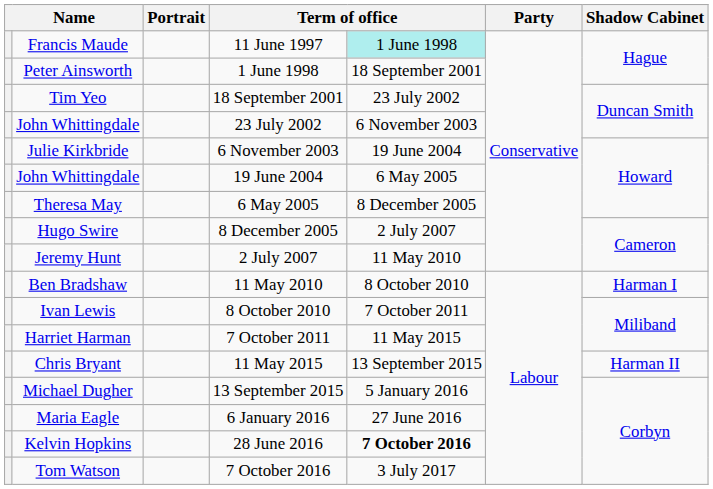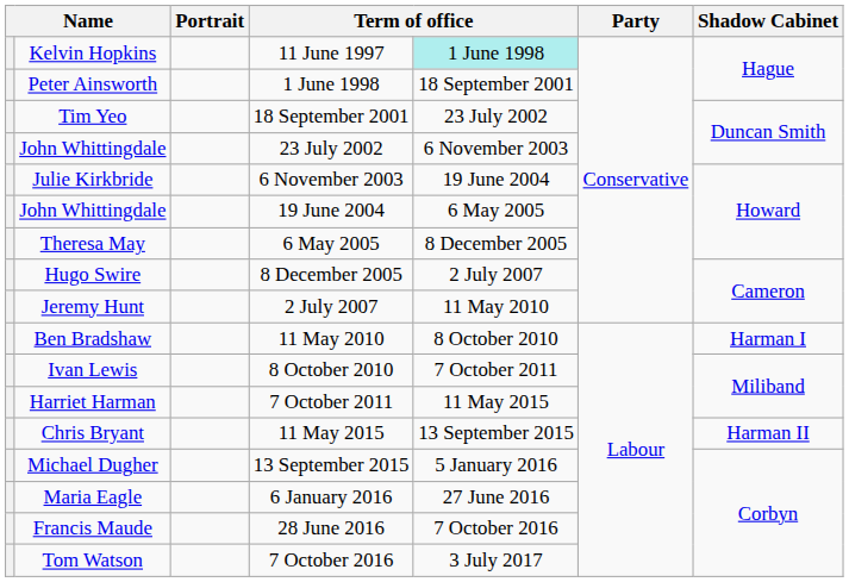 <table class="wikitable" style="text-align:center">
 <tr>
 <th colspan=2>Name</th>
 <th>Portrait</th>
 <th colspan="2">Term of office</th>
 <th>Party</th>
 <th>Shadow Cabinet</th>
 </tr>
 <tr>
 <th style="background-color: "></th>
-<td><a href='#'>Francis Maude</a></td>
+<td><a href='#'>Kelvin Hopkins</a></td>
 <td></td>
 <td>11 June 1997</td>
 <td style="background: paleturquoise;">1 June 1998</td>
 <td rowspan="9"><a href='#'>Conservative</a></td>
 <td rowspan="2"><a href='#'>Hague</a></td>
 </tr>
 <tr>
 <th style="background-color: "></th>
 <td><a href='#'>Peter Ainsworth</a></td>
 <td></td>
 <td>1 June 1998</td>
 <td>18 September 2001</td>
 </tr>
 <tr>
 <th style="background-color: "></th>
 <td><a href='#'>Tim Yeo</a></td>
 <td></td>
 <td>18 September 2001</td>
 <td>23 July 2002</td>
 <td rowspan="2"><a href='#'>Duncan Smith</a></td>
 </tr>
 <tr>
 <th style="background-color: "></th>
 <td><a href='#'>John Whittingdale</a></td>
 <td></td>
 <td>23 July 2002</td>
 <td>6 November 2003</td>
 </tr>
 <tr>
 <th style="background-color: "></th>
 <td><a href='#'>Julie Kirkbride</a></td>
 <td></td>
 <td>6 November 2003</td>
 <td>19 June 2004</td>
 <td rowspan="3"><a href='#'>Howard</a></td>
 </tr>
 <tr>
 <th style="background-color: "></th>
 <td><a href='#'>John Whittingdale</a></td>
 <td></td>
 <td>19 June 2004</td>
 <td>6 May 2005</td>
 </tr>
 <tr>
 <th style="background-color: "></th>
 <td><a href='#'>Theresa May</a></td>
 <td></td>
 <td>6 May 2005</td>
 <td>8 December 2005</td>
 </tr>
 <tr>
 <th style="background-color: "></th>
 <td><a href='#'>Hugo Swire</a></td>
 <td></td>
 <td>8 December 2005</td>
 <td>2 July 2007</td>
 <td rowspan="2"><a href='#'>Cameron</a></td>
 </tr>
 <tr>
 <th style="background-color: "></th>
 <td><a href='#'>Jeremy Hunt</a></td>
 <td></td>
 <td>2 July 2007</td>
 <td>11 May 2010</td>
 </tr>
 <tr>
 <th style="background-color: "></th>
 <td><a href='#'>Ben Bradshaw</a></td>
 <td></td>
 <td>11 May 2010</td>
 <td>8 October 2010</td>
 <td rowspan="8"><a href='#'>Labour</a></td>
 <td><a href='#'>Harman I</a></td>
 </tr>
 <tr>
 <th style="background-color: "></th>
 <td><a href='#'>Ivan Lewis</a></td>
 <td></td>
 <td>8 October 2010</td>
 <td>7 October 2011</td>
 <td rowspan="2"><a href='#'>Miliband</a></td>
 </tr>
 <tr>
 <th style="background-color: "></th>
 <td><a href='#'>Harriet Harman</a></td>
 <td></td>
 <td>7 October 2011</td>
 <td>11 May 2015</td>
 </tr>
 <tr>
 <th style="background-color: "></th>
 <td><a href='#'>Chris Bryant</a></td>
 <td></td>
 <td>11 May 2015</td>
 <td>13 September 2015</td>
 <td><a href='#'>Harman II</a></td>
 </tr>
 <tr>
 <th style="background-color: "></th>
 <td><a href='#'>Michael Dugher</a></td>
 <td></td>
 <td>13 September 2015</td>
 <td>5 January 2016</td>
 <td rowspan="4"><a href='#'>Corbyn</a></td>
 </tr>
 <tr>
 <th style="background-color: "></th>
 <td><a href='#'>Maria Eagle</a></td>
 <td></td>
 <td>6 January 2016</td>
 <td>27 June 2016</td>
 </tr>
 <tr>
 <th style="background-color: "></th>
-<td><a href='#'>Kelvin Hopkins</a></td>
+<td><a href='#'>Francis Maude</a></td>
 <td></td>
 <td>28 June 2016</td>
-<td><strong>7 October 2016</strong></td>
+<td>7 October 2016</td>
 </tr>
 <tr>
 <th style="background-color: "></th>
 <td><a href='#'>Tom Watson</a></td>
 <td></td>
 <td>7 October 2016</td>
 <td>3 July 2017</td>
 </tr>
 </table>
